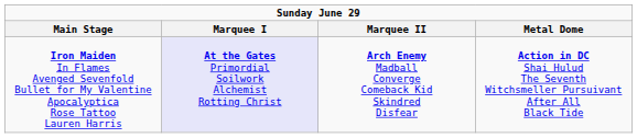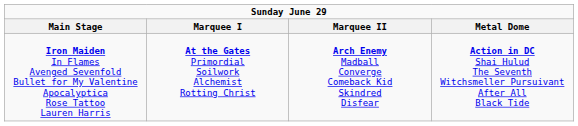 <table class="wikitable">
 <tr>
 <td colspan="4" style="text-align:center;"><strong>Sunday June 29</strong></td>
 </tr>
 <tr>
 <th>Main Stage</th>
 <th>Marquee I</th>
 <th>Marquee II</th>
 <th>Metal Dome</th>
 </tr>
 <tr>
 <td style="text-align:center; vertical-align:top; width:200px;"><br><strong><a href='#'>Iron Maiden</a></strong> <br><a href='#'>In Flames</a> <br><a href='#'>Avenged Sevenfold</a> <br><a href='#'>Bullet for My Valentine</a> <br><a href='#'>Apocalyptica</a> <br><a href='#'>Rose Tattoo</a> <br><a href='#'>Lauren Harris</a></td>
-<td style="background: lavender; text-align:center; vertical-align:top; width:200px;"><br><strong><a href='#'>At the Gates</a></strong> <br><a href='#'>Primordial</a> <br><a href='#'>Soilwork</a> <br><a href='#'>Alchemist</a> <br><a href='#'>Rotting Christ</a></td>
+<td style="text-align:center; vertical-align:top; width:200px;"><br><strong><a href='#'>At the Gates</a></strong> <br><a href='#'>Primordial</a> <br><a href='#'>Soilwork</a> <br><a href='#'>Alchemist</a> <br><a href='#'>Rotting Christ</a></td>
 <td style="text-align:center; vertical-align:top; width:200px;"><br><strong><a href='#'>Arch Enemy</a></strong> <br><a href='#'>Madball</a> <br><a href='#'>Converge</a> <br><a href='#'>Comeback Kid</a> <br><a href='#'>Skindred</a> <br><a href='#'>Disfear</a></td>
 <td style="text-align:center; vertical-align:top; width:200px;"><br><strong><a href='#'>Action in DC</a></strong> <br><a href='#'>Shai Hulud</a> <br><a href='#'>The Seventh</a> <br><a href='#'>Witchsmeller Pursuivant</a> <br><a href='#'>After All</a> <br><a href='#'>Black Tide</a></td>
 </tr>
 </table>
